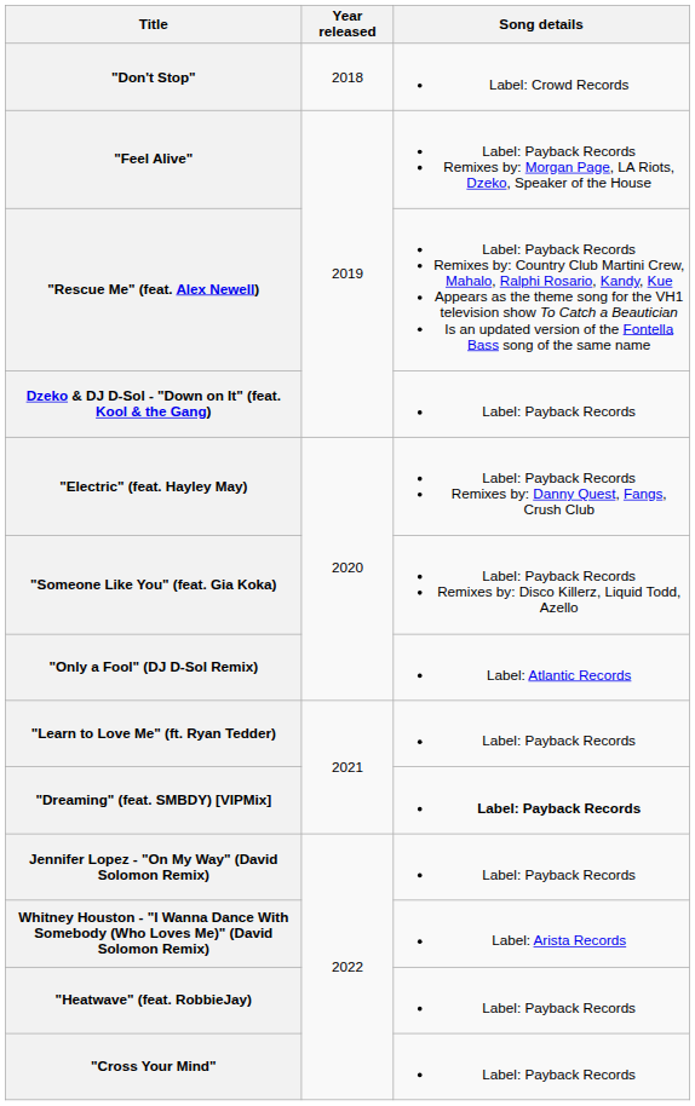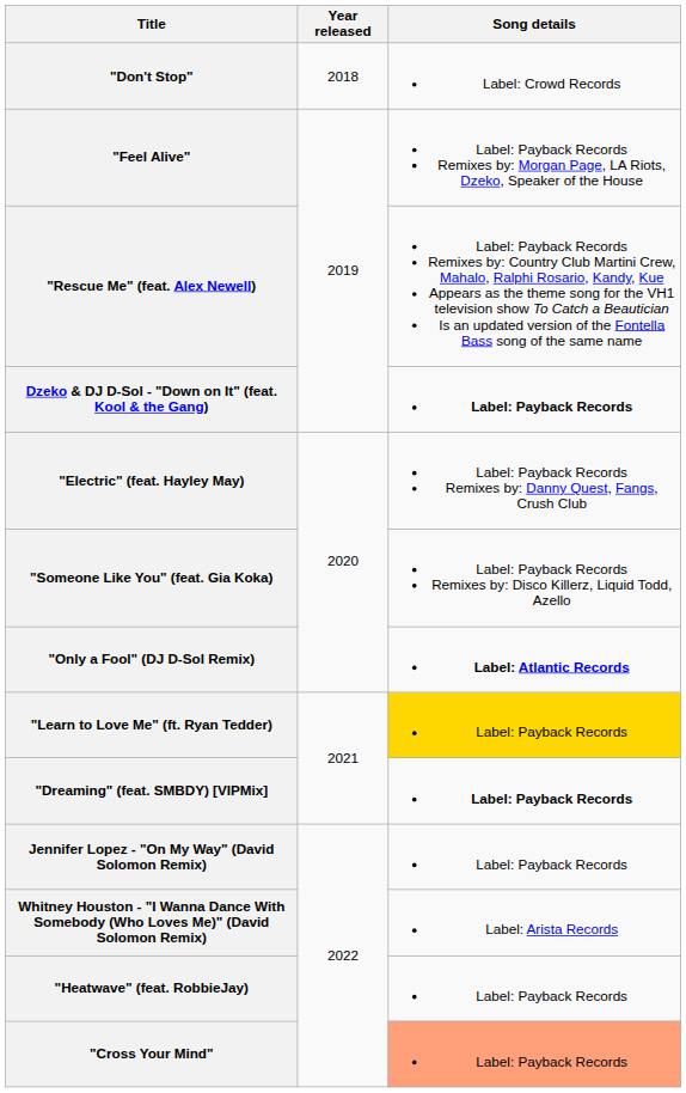 <table class="wikitable plainrowheaders" style="text-align:center">
 <tr>
 <th scope="col" style="width:20.5em;">Title</th>
 <th scope= "col" style="width:6em;">Year released</th>
 <th scope="col" style="width:20.5em;">Song details</th>
 </tr>
 <tr>
 <th scope="row">"Don't Stop"</th>
 <td>2018</td>
 <td><br><ul><li>Label: Crowd Records</li></ul></td>
 </tr>
 <tr>
 <th scope="row">"Feel Alive"</th>
 <td rowspan="3">2019</td>
 <td><br><ul><li>Label: Payback Records</li><li>Remixes by: <a href='#'>Morgan Page</a>, LA Riots, <a href='#'>Dzeko</a>, Speaker of the House</li></ul></td>
 </tr>
 <tr>
 <th scope="row">"Rescue Me" (feat. <a href='#'>Alex Newell</a>)</th>
 <td><br><ul><li>Label: Payback Records</li><li>Remixes by: Country Club Martini Crew, <a href='#'>Mahalo</a>, <a href='#'>Ralphi Rosario</a>, <a href='#'>Kandy</a>, <a href='#'>Kue</a></li><li>Appears as the theme song for the VH1 television show <em>To Catch a Beautician</em></li><li>Is an updated version of the <a href='#'>Fontella Bass</a> song of the same name</li></ul></td>
 </tr>
 <tr>
 <th scope="row"><a href='#'>Dzeko</a> & DJ D-Sol - "Down on It" (feat. <a href='#'>Kool & the Gang</a>)</th>
-<td><br><ul><li>Label: Payback Records</li></ul></td>
+<td><strong><br><ul><li>Label: Payback Records</li></ul></strong></td>
 </tr>
 <tr>
 <th scope="row">"Electric" (feat. Hayley May)</th>
 <td rowspan="3">2020</td>
 <td><br><ul><li>Label: Payback Records</li><li>Remixes by: <a href='#'>Danny Quest</a>, <a href='#'>Fangs</a>, Crush Club</li></ul></td>
 </tr>
 <tr>
 <th scope="row">"Someone Like You" (feat. Gia Koka)</th>
 <td><br><ul><li>Label: Payback Records</li><li>Remixes by: Disco Killerz, Liquid Todd, Azello</li></ul></td>
 </tr>
 <tr>
 <th scope="row">"Only a Fool" (DJ D-Sol Remix)</th>
-<td><br><ul><li>Label: <a href='#'>Atlantic Records</a></li></ul></td>
+<td><strong><br><ul><li>Label: <a href='#'>Atlantic Records</a></li></ul></strong></td>
 </tr>
 <tr>
 <th scope="row">"Learn to Love Me" (ft. Ryan Tedder)</th>
 <td rowspan="2">2021</td>
-<td><br><ul><li>Label: Payback Records</li></ul></td>
+<td style="background: gold;"><br><ul><li>Label: Payback Records</li></ul></td>
 </tr>
 <tr>
 <th scope="row">"Dreaming" (feat. SMBDY) [VIPMix]</th>
 <td><strong><br><ul><li>Label: Payback Records</li></ul></strong></td>
 </tr>
 <tr>
 <th scope="row">Jennifer Lopez - "On My Way" (David Solomon Remix)</th>
 <td rowspan="4">2022</td>
 <td><br><ul><li>Label: Payback Records</li></ul></td>
 </tr>
 <tr>
 <th scope="row">Whitney Houston - "I Wanna Dance With Somebody (Who Loves Me)" (David Solomon Remix)</th>
 <td><br><ul><li>Label: <a href='#'>Arista Records</a></li></ul></td>
 </tr>
 <tr>
 <th scope="row">"Heatwave" (feat. RobbieJay)</th>
 <td><br><ul><li>Label: Payback Records</li></ul></td>
 </tr>
 <tr>
 <th scope="row">"Cross Your Mind"</th>
-<td><br><ul><li>Label: Payback Records</li></ul></td>
+<td style="background: lightsalmon;"><br><ul><li>Label: Payback Records</li></ul></td>
 </tr>
 </table>
